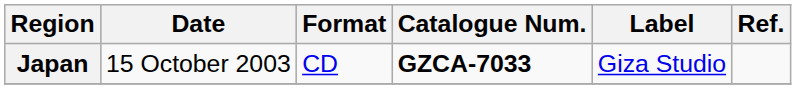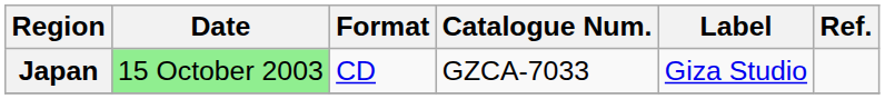 <table class="wikitable sortable plainrowheaders">
 <tr>
 <th scope="col">Region</th>
 <th scope="col">Date</th>
 <th scope="col">Format</th>
 <th scope="col">Catalogue Num.</th>
 <th scope="col">Label</th>
 <th scope="col">Ref.</th>
 </tr>
 <tr>
 <th scope="row">Japan</th>
-<td>15 October 2003</td>
+<td style="background: lightgreen;">15 October 2003</td>
 <td><a href='#'>CD</a></td>
-<td><strong>GZCA-7033</strong></td>
+<td>GZCA-7033</td>
 <td><a href='#'>Giza Studio</a></td>
 <td></td>
 </tr>
 <tr>
 </tr>
 </table>
